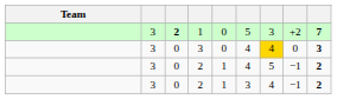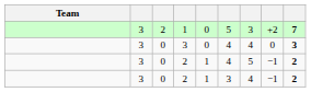 <table class="wikitable" style="text-align: center; font-size: 90%;">
 <tr>
 <th width=175>Team</th>
 <th width=25></th>
 <th width=25></th>
 <th width=25></th>
 <th width=25></th>
 <th width=25></th>
 <th width=25></th>
 <th width=25></th>
 <th width=25></th>
 </tr>
 <tr bgcolor=#ccffcc>
 <td align=left></td>
 <td>3</td>
-<td><strong>2</strong></td>
+<td>2</td>
 <td>1</td>
 <td>0</td>
 <td>5</td>
 <td>3</td>
 <td>+2</td>
 <td><strong>7</strong></td>
 </tr>
 <tr>
 <td align=left></td>
 <td>3</td>
 <td>0</td>
 <td>3</td>
 <td>0</td>
 <td>4</td>
-<td style="background: gold;">4</td>
+<td>4</td>
 <td>0</td>
 <td><strong>3</strong></td>
 </tr>
 <tr>
 <td align=left></td>
 <td>3</td>
 <td>0</td>
 <td>2</td>
 <td>1</td>
 <td>4</td>
 <td>5</td>
 <td>−1</td>
 <td><strong>2</strong></td>
 </tr>
 <tr>
 <td align=left></td>
 <td>3</td>
 <td>0</td>
 <td>2</td>
 <td>1</td>
 <td>3</td>
 <td>4</td>
 <td>−1</td>
 <td><strong>2</strong></td>
 </tr>
 </table>
